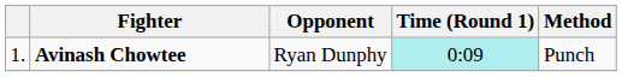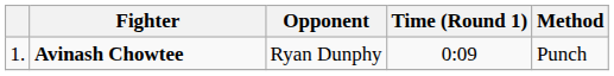 <table class=wikitable>
 <tr>
 <th></th>
 <th width=180>Fighter</th>
 <th>Opponent</th>
 <th>Time (Round 1)</th>
 <th>Method</th>
 </tr>
 <tr>
 <td>1.</td>
 <td> <strong>Avinash Chowtee</strong></td>
 <td>Ryan Dunphy</td>
-<td style="background: paleturquoise; text-align:center;">0:09</td>
+<td style="text-align:center;">0:09</td>
 <td>Punch</td>
 </tr>
 <tr>
 </tr>
 </table>
